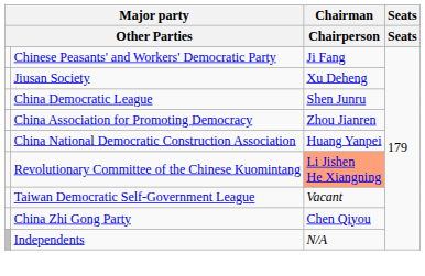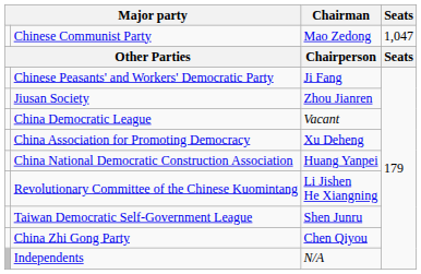 <table class="wikitable">
 <tr>
 <th colspan="2">Major party</th>
 <th>Chairman</th>
 <th>Seats</th>
+</tr>
+<tr>
+<td style="background: "></td>
+<td><a href='#'>Chinese Communist Party</a></td>
+<td><a href='#'>Mao Zedong</a></td>
+<td>1,047</td>
 </tr>
 <tr>
 <th colspan="2">Other Parties</th>
 <th>Chairperson</th>
 <th>Seats</th>
 </tr>
 <tr>
 <td style="background: "></td>
 <td><a href='#'>Chinese Peasants' and Workers' Democratic Party</a></td>
 <td><a href='#'>Ji Fang</a></td>
 <td rowspan="9">179</td>
 </tr>
 <tr>
 <td style="background: "></td>
 <td><a href='#'>Jiusan Society</a></td>
-<td><a href='#'>Xu Deheng</a></td>
+<td><a href='#'>Zhou Jianren</a></td>
 </tr>
 <tr>
 <td style="background: "></td>
 <td><a href='#'>China Democratic League</a></td>
-<td><a href='#'>Shen Junru</a></td>
+<td><em>Vacant</em></td>
 </tr>
 <tr>
 <td style="background: "></td>
 <td><a href='#'>China Association for Promoting Democracy</a></td>
-<td><a href='#'>Zhou Jianren</a></td>
+<td><a href='#'>Xu Deheng</a></td>
 </tr>
 <tr>
 <td style="background: "></td>
 <td><a href='#'>China National Democratic Construction Association</a></td>
 <td><a href='#'>Huang Yanpei</a></td>
 </tr>
 <tr>
 <td style="background: "></td>
 <td><a href='#'>Revolutionary Committee of the Chinese Kuomintang</a></td>
-<td style="background: lightsalmon;"><a href='#'>Li Jishen</a><br><a href='#'>He Xiangning</a></td>
+<td><a href='#'>Li Jishen</a><br><a href='#'>He Xiangning</a></td>
 </tr>
 <tr>
 <td style="background: "></td>
 <td><a href='#'>Taiwan Democratic Self-Government League</a></td>
-<td><em>Vacant</em></td>
+<td><a href='#'>Shen Junru</a></td>
 </tr>
 <tr>
 <td style="background: "></td>
 <td><a href='#'>China Zhi Gong Party</a></td>
 <td><a href='#'>Chen Qiyou</a></td>
 </tr>
 <tr>
 <td style="background: #C0C0C0"></td>
 <td><a href='#'>Independents</a></td>
 <td><em>N/A</em></td>
 </tr>
 </table>
